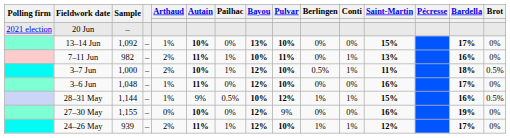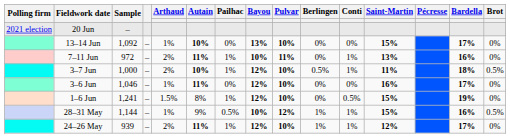 <table class="wikitable sortable" style="text-align:center;font-size:75%;line-height:14px;">
 <tr>
 <th rowspan="2">Polling firm</th>
 <th rowspan="2">Fieldwork date</th>
 <th rowspan="2">Sample</th>
 <th rowspan="2"></th>
 <th><a href='#'>Arthaud</a><br></th>
 <th><a href='#'>Autain</a><br></th>
 <th>Pailhac<br></th>
 <th><a href='#'>Bayou</a><br></th>
 <th><a href='#'>Pulvar</a><br></th>
 <th>Berlingen<br></th>
 <th>Conti<br></th>
 <th><a href='#'>Saint-Martin</a><br></th>
 <th><a href='#'>Pécresse</a><br></th>
 <th><a href='#'>Bardella</a><br></th>
 <th>Brot<br></th>
 </tr>
 <tr>
 <th style="background:"></th>
 <th style="background:"></th>
 <th style="background:"></th>
 <th style="background:"></th>
 <th style="background:"></th>
 <th style="background:"></th>
 <th style="background:"></th>
 <th style="background:"></th>
 <th style="background:"></th>
 <th style="background:"></th>
 <th style="background:"></th>
 </tr>
 <tr style="background:#E9E9E9;">
 <td><a href='#'>2021 election</a></td>
 <td data-sort-value="2021-06-20">20 Jun</td>
 <td>–</td>
 <td></td>
 <td></td>
 <td></td>
 <td></td>
 <td></td>
 <td></td>
 <td></td>
 <td></td>
 <td></td>
 <td></td>
 <td></td>
 <td></td>
 </tr>
 <tr>
 <td style="background:aquamarine;"></td>
 <td>13–14 Jun</td>
 <td>1,092</td>
 <td>–</td>
 <td>1%</td>
 <td><strong>10%</strong></td>
 <td>0%</td>
 <td><strong>13%</strong></td>
 <td><strong>10%</strong></td>
 <td>0%</td>
 <td>0%</td>
 <td><strong>15%</strong></td>
 <td style="background:#0055FF;"><strong></strong></td>
 <td><strong>17%</strong></td>
 <td>0%</td>
 </tr>
 <tr>
 <td style="background:#FFCCCC;"></td>
 <td>7–11 Jun</td>
-<td>982</td>
+<td>972</td>
 <td>–</td>
 <td>2%</td>
 <td><strong>11%</strong></td>
 <td>1%</td>
 <td><strong>10%</strong></td>
 <td><strong>11%</strong></td>
 <td>0%</td>
 <td>1%</td>
 <td><strong>13%</strong></td>
 <td style="background:#0055FF;"><strong></strong></td>
 <td><strong>16%</strong></td>
 <td>0%</td>
 </tr>
 <tr>
 <td style="background:#04FBF4;"></td>
 <td>3–7 Jun</td>
 <td>1,000</td>
 <td>–</td>
 <td>2%</td>
 <td><strong>10%</strong></td>
 <td>1%</td>
 <td><strong>12%</strong></td>
 <td><strong>10%</strong></td>
 <td>0.5%</td>
 <td>1%</td>
 <td><strong>11%</strong></td>
 <td style="background:#0055FF;"><strong></strong></td>
 <td><strong>18%</strong></td>
 <td>0.5%</td>
 </tr>
 <tr>
 <td style="background:aquamarine;"></td>
 <td>3–6 Jun</td>
-<td>1,048</td>
+<td>1,046</td>
 <td>–</td>
 <td>1%</td>
 <td><strong>11%</strong></td>
 <td>0%</td>
 <td><strong>12%</strong></td>
 <td><strong>10%</strong></td>
 <td>0%</td>
 <td>0%</td>
 <td><strong>16%</strong></td>
 <td style="background:#0055FF;"><strong></strong></td>
 <td><strong>17%</strong></td>
+<td>0%</td>
+</tr>
+<tr>
+<td style="background:#FFDFCC;"></td>
+<td>1–6 Jun</td>
+<td>1,241</td>
+<td>–</td>
+<td>1.5%</td>
+<td>8%</td>
+<td>1%</td>
+<td><strong>12%</strong></td>
+<td><strong>10%</strong></td>
+<td>0%</td>
+<td>0.5%</td>
+<td><strong>15%</strong></td>
+<td style="background:#0055FF;"><strong></strong></td>
+<td><strong>19%</strong></td>
 <td>0%</td>
 </tr>
 <tr>
 <td style="background:#CAD5F7;"></td>
 <td>28–31 May</td>
 <td>1,144</td>
 <td>–</td>
 <td>1%</td>
 <td>9%</td>
 <td>0.5%</td>
 <td><strong>10%</strong></td>
 <td><strong>12%</strong></td>
 <td>1%</td>
 <td>1%</td>
 <td><strong>15%</strong></td>
 <td style="background:#0055FF;"><strong></strong></td>
 <td><strong>16%</strong></td>
 <td>0.5%</td>
 </tr>
 <tr>
-<td style="background:aquamarine;"></td>
-<td>27–30 May</td>
-<td>1,155</td>
-<td>–</td>
-<td>0%</td>
-<td><strong>10%</strong></td>
-<td>0%</td>
-<td><strong>12%</strong></td>
-<td>9%</td>
-<td>0%</td>
-<td>0%</td>
-<td><strong>16%</strong></td>
-<td style="background:#0055FF;"><strong></strong></td>
-<td><strong>19%</strong></td>
-<td>0%</td>
-</tr>
-<tr>
 <td style="background:#04FBF4;"></td>
 <td>24–26 May</td>
 <td>939</td>
 <td>–</td>
 <td>2%</td>
 <td><strong>11%</strong></td>
 <td>1%</td>
 <td><strong>12%</strong></td>
 <td><strong>10%</strong></td>
 <td>1%</td>
 <td>1%</td>
 <td><strong>12%</strong></td>
 <td style="background:#0055FF;"><strong></strong></td>
 <td><strong>17%</strong></td>
 <td>0%</td>
 </tr>
 </table>
